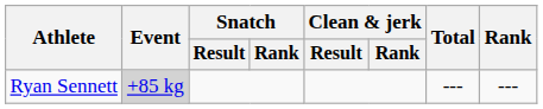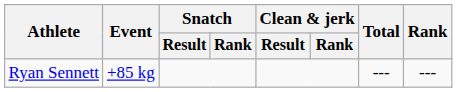 <table class="wikitable" style="font-size:90%">
 <tr>
 <th rowspan="2">Athlete</th>
 <th rowspan="2">Event</th>
 <th colspan="2">Snatch</th>
 <th colspan="2">Clean & jerk</th>
 <th rowspan="2">Total</th>
 <th rowspan="2">Rank</th>
 </tr>
 <tr style="font-size:95%">
 <th>Result</th>
 <th>Rank</th>
 <th>Result</th>
 <th>Rank</th>
 </tr>
 <tr align=center>
 <td align=left><a href='#'>Ryan Sennett</a></td>
-<td align=left style="background: lightgrey;"><a href='#'>+85 kg</a></td>
+<td align=left><a href='#'>+85 kg</a></td>
 <td colspan=2></td>
 <td colspan=2></td>
 <td><em>---</em></td>
 <td><em>---</em></td>
 </tr>
 </table>
